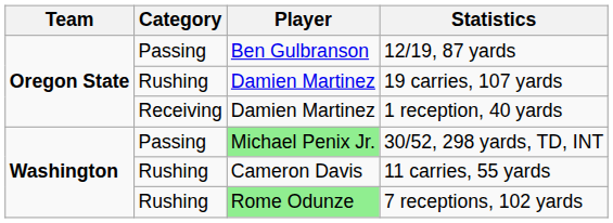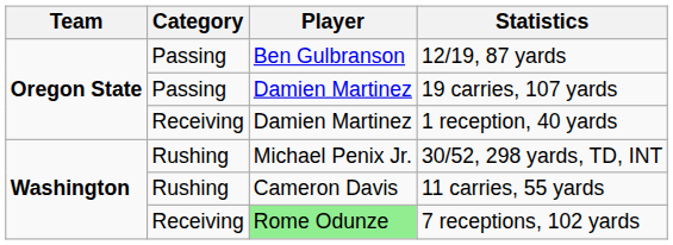 <table class="wikitable" style="float: right;">
 <tr>
 <th>Team</th>
 <th>Category</th>
 <th>Player</th>
 <th>Statistics</th>
 </tr>
 <tr>
 <td rowspan=3><strong>Oregon State</strong></td>
 <td>Passing</td>
 <td><a href='#'>Ben Gulbranson</a></td>
 <td>12/19, 87 yards</td>
 </tr>
 <tr>
-<td>Rushing</td>
+<td>Passing</td>
 <td><a href='#'>Damien Martinez</a></td>
 <td>19 carries, 107 yards</td>
 </tr>
 <tr>
 <td>Receiving</td>
 <td>Damien Martinez</td>
 <td>1 reception, 40 yards</td>
 </tr>
 <tr>
 <td rowspan=3><strong>Washington</strong></td>
-<td>Passing</td>
-<td style="background: lightgreen;">Michael Penix Jr.</td>
+<td>Rushing</td>
+<td>Michael Penix Jr.</td>
 <td>30/52, 298 yards, TD, INT</td>
 </tr>
 <tr>
 <td>Rushing</td>
 <td>Cameron Davis</td>
 <td>11 carries, 55 yards</td>
 </tr>
 <tr>
-<td>Rushing</td>
+<td>Receiving</td>
 <td style="background: lightgreen;">Rome Odunze</td>
 <td>7 receptions, 102 yards</td>
 </tr>
 </table>
